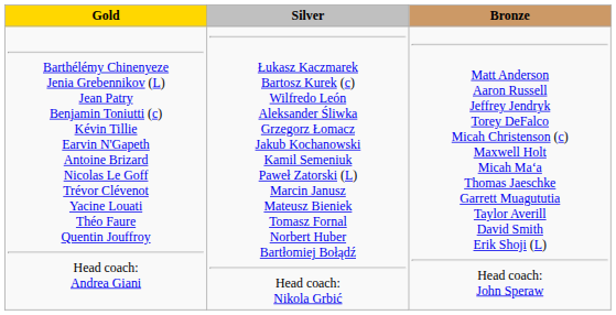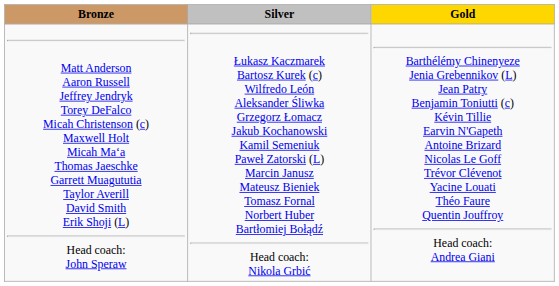 <table class="wikitable" style="text-align:center; font-size:95%">
 <tr>
+<td style="width:15em; background:#cc9966"><strong>Bronze</strong></td>
+<td style="width:15em; background:silver"><strong>Silver</strong></td>
 <td style="width:15em; background:gold"><strong>Gold</strong></td>
-<td style="width:15em; background:silver"><strong>Silver</strong></td>
-<td style="width:15em; background:#cc9966"><strong>Bronze</strong></td>
 </tr>
 <tr>
+<td><hr><br><a href='#'>Matt Anderson</a><br><a href='#'>Aaron Russell</a><br><a href='#'>Jeffrey Jendryk</a><br><a href='#'>Torey DeFalco</a><br><a href='#'>Micah Christenson</a> (<a href='#'>c</a>)<br><a href='#'>Maxwell Holt</a><br><a href='#'>Micah Maʻa</a><br><a href='#'>Thomas Jaeschke</a><br><a href='#'>Garrett Muagututia</a><br><a href='#'>Taylor Averill</a><br><a href='#'>David Smith</a><br><a href='#'>Erik Shoji</a> (<a href='#'>L</a>)<hr>Head coach:<br><a href='#'>John Speraw</a></td>
+<td><hr><br><a href='#'>Łukasz Kaczmarek</a><br><a href='#'>Bartosz Kurek</a> (<a href='#'>c</a>)<br><a href='#'>Wilfredo León</a><br><a href='#'>Aleksander Śliwka</a><br><a href='#'>Grzegorz Łomacz</a><br><a href='#'>Jakub Kochanowski</a><br><a href='#'>Kamil Semeniuk</a><br><a href='#'>Paweł Zatorski</a> (<a href='#'>L</a>)<br><a href='#'>Marcin Janusz</a><br><a href='#'>Mateusz Bieniek</a><br><a href='#'>Tomasz Fornal</a><br><a href='#'>Norbert Huber</a><br><a href='#'>Bartłomiej Bołądź</a><hr>Head coach:<br><a href='#'>Nikola Grbić</a></td>
 <td><hr><a href='#'>Barthélémy Chinenyeze</a><br><a href='#'>Jenia Grebennikov</a> (<a href='#'>L</a>)<br><a href='#'>Jean Patry</a><br><a href='#'>Benjamin Toniutti</a> (<a href='#'>c</a>)<br><a href='#'>Kévin Tillie</a><br><a href='#'>Earvin N'Gapeth</a><br><a href='#'>Antoine Brizard</a><br><a href='#'>Nicolas Le Goff</a><br><a href='#'>Trévor Clévenot</a><br><a href='#'>Yacine Louati</a><br><a href='#'>Théo Faure</a><br><a href='#'>Quentin Jouffroy</a><hr>Head coach:<br><a href='#'>Andrea Giani</a></td>
-<td><hr><br><a href='#'>Łukasz Kaczmarek</a><br><a href='#'>Bartosz Kurek</a> (<a href='#'>c</a>)<br><a href='#'>Wilfredo León</a><br><a href='#'>Aleksander Śliwka</a><br><a href='#'>Grzegorz Łomacz</a><br><a href='#'>Jakub Kochanowski</a><br><a href='#'>Kamil Semeniuk</a><br><a href='#'>Paweł Zatorski</a> (<a href='#'>L</a>)<br><a href='#'>Marcin Janusz</a><br><a href='#'>Mateusz Bieniek</a><br><a href='#'>Tomasz Fornal</a><br><a href='#'>Norbert Huber</a><br><a href='#'>Bartłomiej Bołądź</a><hr>Head coach:<br><a href='#'>Nikola Grbić</a></td>
-<td><hr><br><a href='#'>Matt Anderson</a><br><a href='#'>Aaron Russell</a><br><a href='#'>Jeffrey Jendryk</a><br><a href='#'>Torey DeFalco</a><br><a href='#'>Micah Christenson</a> (<a href='#'>c</a>)<br><a href='#'>Maxwell Holt</a><br><a href='#'>Micah Maʻa</a><br><a href='#'>Thomas Jaeschke</a><br><a href='#'>Garrett Muagututia</a><br><a href='#'>Taylor Averill</a><br><a href='#'>David Smith</a><br><a href='#'>Erik Shoji</a> (<a href='#'>L</a>)<hr>Head coach:<br><a href='#'>John Speraw</a></td>
 </tr>
 </table>
